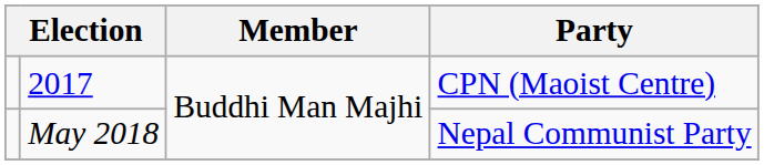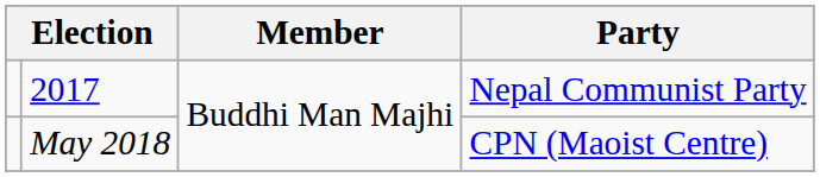 <table class="wikitable">
 <tr>
 <th colspan="2">Election</th>
 <th>Member</th>
 <th>Party</th>
 </tr>
 <tr>
 <td style="background-color:"></td>
 <td><a href='#'>2017</a></td>
 <td rowspan="2">Buddhi Man Majhi</td>
-<td><a href='#'>CPN (Maoist Centre)</a></td>
+<td><a href='#'>Nepal Communist Party</a></td>
 </tr>
 <tr>
 <td style="background-color:"></td>
 <td><em>May 2018</em></td>
-<td><a href='#'>Nepal Communist Party</a></td>
+<td><a href='#'>CPN (Maoist Centre)</a></td>
 </tr>
 </table>
